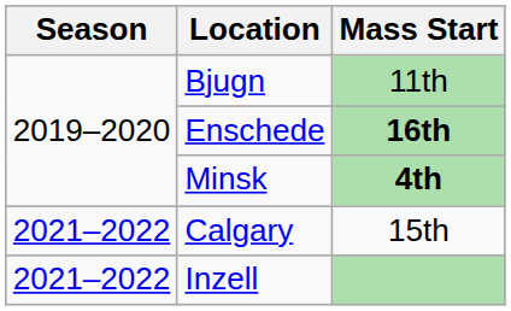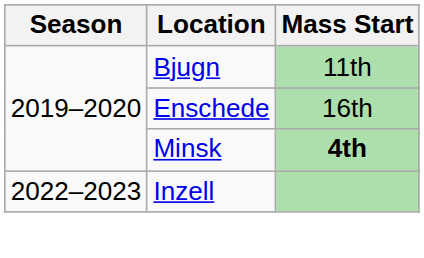 <table class="wikitable" style="display: inline-table;">
 <tr>
 <th>Season</th>
 <th>Location</th>
 <th colspan="1">Mass Start</th>
 </tr>
 <tr style="text-align:center">
 <td rowspan=3>2019–2020</td>
 <td align=left> <a href='#'>Bjugn</a></td>
 <td style="background:#addfad;">11th</td>
 </tr>
 <tr style="text-align:center">
 <td align=left> <a href='#'>Enschede</a></td>
-<td style="background:#addfad;"><strong>16th</strong></td>
+<td style="background:#addfad;">16th</td>
 </tr>
 <tr style="text-align:center">
 <td align=left> <a href='#'>Minsk</a></td>
 <td style="background:#addfad;"><strong>4th</strong></td>
 </tr>
 <tr style="text-align:center">
-<td><a href='#'>2021–2022</a></td>
-<td align=left> <a href='#'>Calgary</a></td>
-<td>15th</td>
-</tr>
-<tr style="text-align:center">
-<td><a href='#'>2021–2022</a></td>
+<td>2022–2023</td>
 <td align=left> <a href='#'>Inzell</a></td>
 <td style="background:#addfad;"></td>
 </tr>
 </table>
